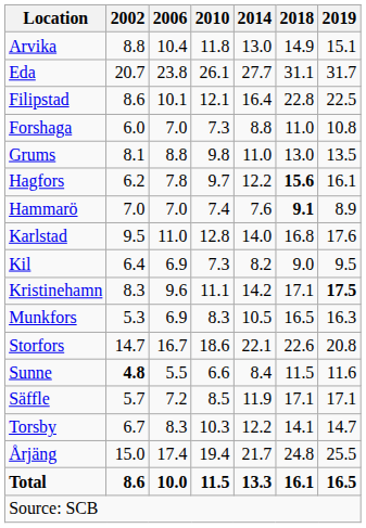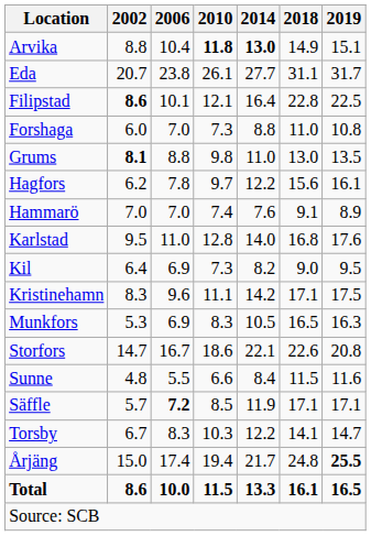 <table class="wikitable sortable" style=text-align:right>
 <tr>
 <th>Location</th>
 <th>2002</th>
 <th>2006</th>
 <th>2010</th>
 <th>2014</th>
 <th>2018</th>
 <th>2019</th>
 </tr>
 <tr>
 <td align=left><a href='#'>Arvika</a></td>
 <td>8.8</td>
 <td>10.4</td>
-<td>11.8</td>
-<td>13.0</td>
+<td><strong>11.8</strong></td>
+<td><strong>13.0</strong></td>
 <td>14.9</td>
 <td>15.1</td>
 </tr>
 <tr>
 <td align=left><a href='#'>Eda</a></td>
 <td>20.7</td>
 <td>23.8</td>
 <td>26.1</td>
 <td>27.7</td>
 <td>31.1</td>
 <td>31.7</td>
 </tr>
 <tr>
 <td align=left><a href='#'>Filipstad</a></td>
-<td>8.6</td>
+<td><strong>8.6</strong></td>
 <td>10.1</td>
 <td>12.1</td>
 <td>16.4</td>
 <td>22.8</td>
 <td>22.5</td>
 </tr>
 <tr>
 <td align=left><a href='#'>Forshaga</a></td>
 <td>6.0</td>
 <td>7.0</td>
 <td>7.3</td>
 <td>8.8</td>
 <td>11.0</td>
 <td>10.8</td>
 </tr>
 <tr>
 <td align=left><a href='#'>Grums</a></td>
-<td>8.1</td>
+<td><strong>8.1</strong></td>
 <td>8.8</td>
 <td>9.8</td>
 <td>11.0</td>
 <td>13.0</td>
 <td>13.5</td>
 </tr>
 <tr>
 <td align=left><a href='#'>Hagfors</a></td>
 <td>6.2</td>
 <td>7.8</td>
 <td>9.7</td>
 <td>12.2</td>
-<td><strong>15.6</strong></td>
+<td>15.6</td>
 <td>16.1</td>
 </tr>
 <tr>
 <td align=left><a href='#'>Hammarö</a></td>
 <td>7.0</td>
 <td>7.0</td>
 <td>7.4</td>
 <td>7.6</td>
-<td><strong>9.1</strong></td>
+<td>9.1</td>
 <td>8.9</td>
 </tr>
 <tr>
 <td align=left><a href='#'>Karlstad</a></td>
 <td>9.5</td>
 <td>11.0</td>
 <td>12.8</td>
 <td>14.0</td>
 <td>16.8</td>
 <td>17.6</td>
 </tr>
 <tr>
 <td align=left><a href='#'>Kil</a></td>
 <td>6.4</td>
 <td>6.9</td>
 <td>7.3</td>
 <td>8.2</td>
 <td>9.0</td>
 <td>9.5</td>
 </tr>
 <tr>
 <td align=left><a href='#'>Kristinehamn</a></td>
 <td>8.3</td>
 <td>9.6</td>
 <td>11.1</td>
 <td>14.2</td>
 <td>17.1</td>
-<td><strong>17.5</strong></td>
+<td>17.5</td>
 </tr>
 <tr>
 <td align=left><a href='#'>Munkfors</a></td>
 <td>5.3</td>
 <td>6.9</td>
 <td>8.3</td>
 <td>10.5</td>
 <td>16.5</td>
 <td>16.3</td>
 </tr>
 <tr>
 <td align=left><a href='#'>Storfors</a></td>
 <td>14.7</td>
 <td>16.7</td>
 <td>18.6</td>
 <td>22.1</td>
 <td>22.6</td>
 <td>20.8</td>
 </tr>
 <tr>
 <td align=left><a href='#'>Sunne</a></td>
-<td><strong>4.8</strong></td>
+<td>4.8</td>
 <td>5.5</td>
 <td>6.6</td>
 <td>8.4</td>
 <td>11.5</td>
 <td>11.6</td>
 </tr>
 <tr>
 <td align=left><a href='#'>Säffle</a></td>
 <td>5.7</td>
-<td>7.2</td>
+<td><strong>7.2</strong></td>
 <td>8.5</td>
 <td>11.9</td>
 <td>17.1</td>
 <td>17.1</td>
 </tr>
 <tr>
 <td align=left><a href='#'>Torsby</a></td>
 <td>6.7</td>
 <td>8.3</td>
 <td>10.3</td>
 <td>12.2</td>
 <td>14.1</td>
 <td>14.7</td>
 </tr>
 <tr>
 <td align=left><a href='#'>Årjäng</a></td>
 <td>15.0</td>
 <td>17.4</td>
 <td>19.4</td>
 <td>21.7</td>
 <td>24.8</td>
-<td>25.5</td>
+<td><strong>25.5</strong></td>
 </tr>
 <tr>
 <td align=left><strong>Total</strong></td>
 <td><strong>8.6</strong></td>
 <td><strong>10.0</strong></td>
 <td><strong>11.5</strong></td>
 <td><strong>13.3</strong></td>
 <td><strong>16.1</strong></td>
 <td><strong>16.5</strong></td>
 </tr>
 <tr>
 <td align=left colspan=7>Source: SCB </td>
 </tr>
 </table>
